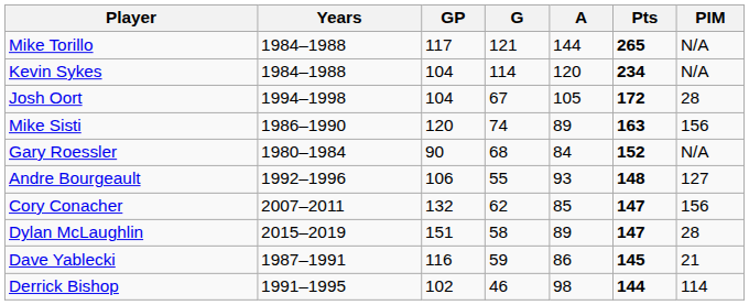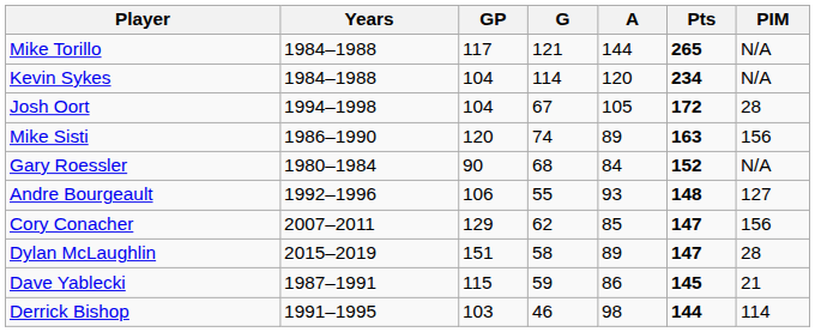 <table class="wikitable sortable" width ="700" cellpadding="1" border="1" cellspacing="0">
 <tr>
 <th>Player</th>
 <th>Years</th>
 <th>GP</th>
 <th>G</th>
 <th>A</th>
 <th>Pts</th>
 <th>PIM</th>
 </tr>
 <tr>
 <td><a href='#'>Mike Torillo</a></td>
 <td>1984–1988</td>
 <td>117</td>
 <td>121</td>
 <td>144</td>
 <td><strong>265</strong></td>
 <td>N/A</td>
 </tr>
 <tr>
 <td><a href='#'>Kevin Sykes</a></td>
 <td>1984–1988</td>
 <td>104</td>
 <td>114</td>
 <td>120</td>
 <td><strong>234</strong></td>
 <td>N/A</td>
 </tr>
 <tr>
 <td><a href='#'>Josh Oort</a></td>
 <td>1994–1998</td>
 <td>104</td>
 <td>67</td>
 <td>105</td>
 <td><strong>172</strong></td>
 <td>28</td>
 </tr>
 <tr>
 <td><a href='#'>Mike Sisti</a></td>
 <td>1986–1990</td>
 <td>120</td>
 <td>74</td>
 <td>89</td>
 <td><strong>163</strong></td>
 <td>156</td>
 </tr>
 <tr>
 <td><a href='#'>Gary Roessler</a></td>
 <td>1980–1984</td>
 <td>90</td>
 <td>68</td>
 <td>84</td>
 <td><strong>152</strong></td>
 <td>N/A</td>
 </tr>
 <tr>
 <td><a href='#'>Andre Bourgeault</a></td>
 <td>1992–1996</td>
 <td>106</td>
 <td>55</td>
 <td>93</td>
 <td><strong>148</strong></td>
 <td>127</td>
 </tr>
 <tr>
 <td><a href='#'>Cory Conacher</a></td>
 <td>2007–2011</td>
-<td>132</td>
+<td>129</td>
 <td>62</td>
 <td>85</td>
 <td><strong>147</strong></td>
 <td>156</td>
 </tr>
 <tr>
 <td><a href='#'>Dylan McLaughlin</a></td>
 <td>2015–2019</td>
 <td>151</td>
 <td>58</td>
 <td>89</td>
 <td><strong>147</strong></td>
 <td>28</td>
 </tr>
 <tr>
 <td><a href='#'>Dave Yablecki</a></td>
 <td>1987–1991</td>
-<td>116</td>
+<td>115</td>
 <td>59</td>
 <td>86</td>
 <td><strong>145</strong></td>
 <td>21</td>
 </tr>
 <tr>
 <td><a href='#'>Derrick Bishop</a></td>
 <td>1991–1995</td>
-<td>102</td>
+<td>103</td>
 <td>46</td>
 <td>98</td>
 <td><strong>144</strong></td>
 <td>114</td>
 </tr>
 </table>
